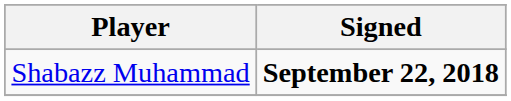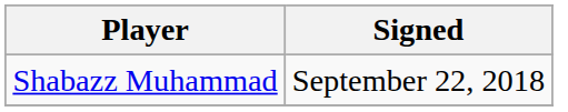 <table class="wikitable sortable sortable" style="text-align: center">
 <tr>
 <th>Player</th>
 <th>Signed</th>
 </tr>
 <tr>
 <td><a href='#'>Shabazz Muhammad</a></td>
-<td><strong>September 22, 2018</strong></td>
+<td>September 22, 2018</td>
 </tr>
 <tr>
 </tr>
 </table>
